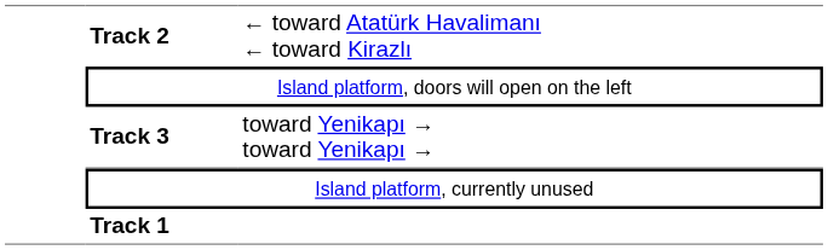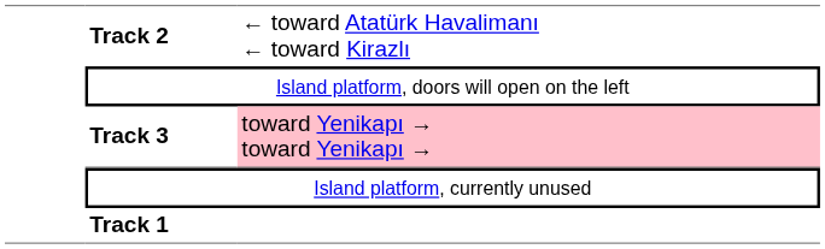 <table cellspacing="0" cellpadding="3">
 <tr>
 <td style="border-bottom:solid 1px gray;border-top:solid 1px gray;vertical-align:top;" width=50 rowspan=5></td>
 <td style="border-top:solid 1px gray;" width=100><strong>Track 2</strong></td>
 <td style="border-top:solid 1px gray;" width=400>←  toward <a href='#'>Atatürk Havalimanı</a>  <br>←  toward <a href='#'>Kirazlı</a></td>
 </tr>
 <tr>
 <td style="border-top:solid 2px black;border-right:solid 2px black;border-left:solid 2px black;border-bottom:solid 2px black;text-align:center;" colspan=2><small><a href='#'>Island platform</a>, doors will open on the left </small></td>
 </tr>
 <tr>
 <td style="border-bottom:solid 1px gray;"><strong>Track 3</strong></td>
-<td style="border-bottom:solid 1px gray;"> toward <a href='#'>Yenikapı</a> →<br> toward <a href='#'>Yenikapı</a> →</td>
+<td style="background: pink; border-bottom:solid 1px gray;"> toward <a href='#'>Yenikapı</a> →<br> toward <a href='#'>Yenikapı</a> →</td>
 </tr>
 <tr>
 <td style="border-top:solid 2px black;border-right:solid 2px black;border-left:solid 2px black;border-bottom:solid 2px black;text-align:center;" colspan=2><small><a href='#'>Island platform</a>, currently unused </small></td>
 </tr>
 <tr>
 <td style="border-bottom:solid 1px gray;"><strong>Track 1</strong></td>
 <td style="border-bottom:solid 1px gray;"></td>
 </tr>
 </table>
